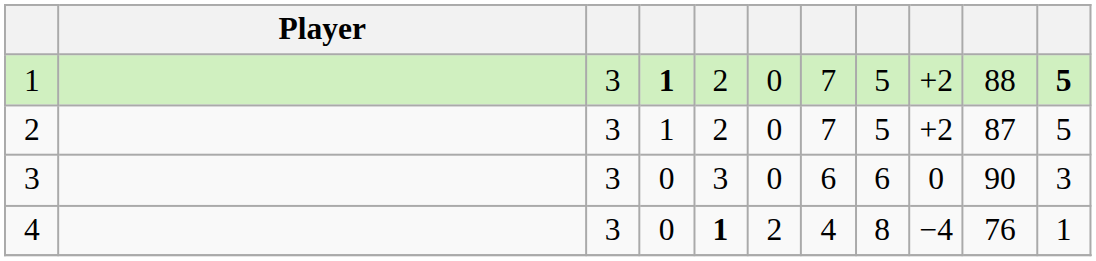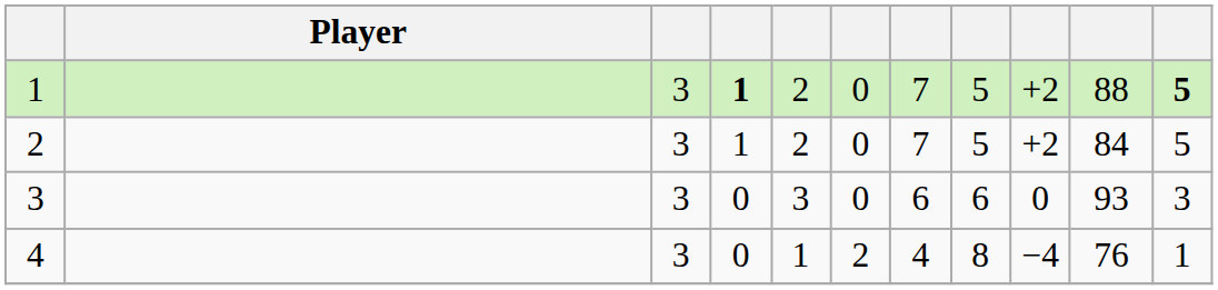 <table class="wikitable" style="text-align:center;">
 <tr>
 <th width=20></th>
 <th width=260>Player</th>
 <th width=20></th>
 <th width=20></th>
 <th width=20></th>
 <th width=20></th>
 <th width=20></th>
 <th width=20></th>
 <th width=20></th>
 <th width=30></th>
 <th width=20></th>
 </tr>
 <tr style="background:#D0F0C0;">
 <td>1</td>
 <td align=left> <small></small></td>
 <td>3</td>
 <td><strong>1</strong></td>
 <td>2</td>
 <td>0</td>
 <td>7</td>
 <td>5</td>
 <td>+2</td>
 <td>88</td>
 <td><strong>5</strong></td>
 </tr>
 <tr>
 <td>2</td>
 <td align=left> <small></small></td>
 <td>3</td>
 <td>1</td>
 <td>2</td>
 <td>0</td>
 <td>7</td>
 <td>5</td>
 <td>+2</td>
-<td>87</td>
+<td>84</td>
 <td>5</td>
 </tr>
 <tr>
 <td>3</td>
 <td align=left> <small></small></td>
 <td>3</td>
 <td>0</td>
 <td>3</td>
 <td>0</td>
 <td>6</td>
 <td>6</td>
 <td>0</td>
-<td>90</td>
+<td>93</td>
 <td>3</td>
 </tr>
 <tr>
 <td>4</td>
 <td align=left> <small></small></td>
 <td>3</td>
 <td>0</td>
-<td><strong>1</strong></td>
+<td>1</td>
 <td>2</td>
 <td>4</td>
 <td>8</td>
 <td>−4</td>
 <td>76</td>
 <td>1</td>
 </tr>
 <tr>
 </tr>
 </table>
